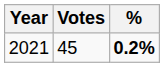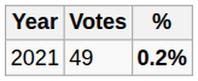 <table class="wikitable" style="display: inline-table;">
 <tr>
 <th>Year</th>
 <th>Votes</th>
 <th>%</th>
 </tr>
 <tr>
 <td>2021</td>
-<td>45</td>
+<td>49</td>
 <td><strong>0.2%</strong></td>
 </tr>
 </table>
